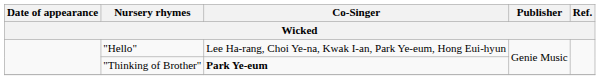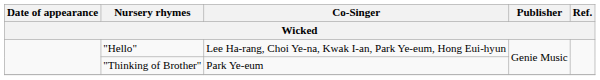 <table class="wikitable sortable">
 <tr>
 <th>Date of appearance</th>
 <th>Nursery rhymes</th>
 <th>Co-Singer</th>
 <th class="unsortable">Publisher</th>
 <th class="unsortable">Ref.</th>
 </tr>
 <tr>
 <th colspan=5>Wicked</th>
 </tr>
 <tr>
 <td rowspan=2></td>
 <td>"Hello"</td>
 <td>Lee Ha-rang, Choi Ye-na, Kwak I-an, Park Ye-eum, Hong Eui-hyun</td>
 <td rowspan=2>Genie Music</td>
 <td rowspan=2></td>
 </tr>
 <tr>
 <td>"Thinking of Brother"</td>
-<td><strong>Park Ye-eum</strong></td>
+<td>Park Ye-eum</td>
 </tr>
 <tr>
 </tr>
 </table>
